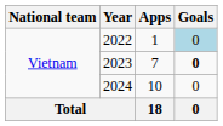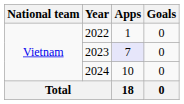 <table class="wikitable" style="text-align: center;">
 <tr>
 <th>National team</th>
 <th>Year</th>
 <th>Apps</th>
 <th>Goals</th>
 </tr>
 <tr>
 <td rowspan=3><a href='#'>Vietnam</a></td>
 <td>2022</td>
 <td>1</td>
-<td style="background: lightblue;">0</td>
+<td>0</td>
 </tr>
 <tr>
 <td>2023</td>
-<td>7</td>
-<td><strong>0</strong></td>
+<td style="background: lavender;">7</td>
+<td>0</td>
 </tr>
 <tr>
 <td>2024</td>
 <td>10</td>
 <td>0</td>
 </tr>
 <tr>
 <th colspan=2>Total</th>
 <th>18</th>
 <th>0</th>
 </tr>
 </table>
